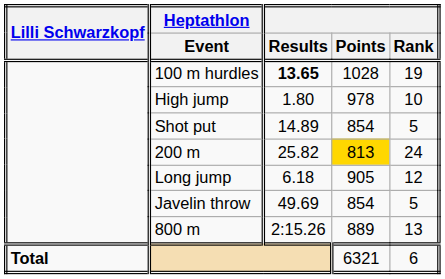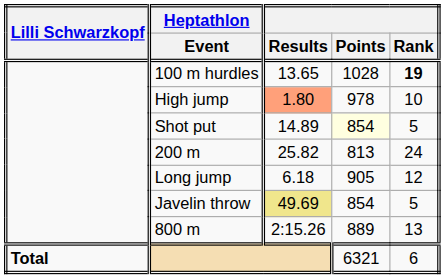 <table class=wikitable style="font-size:90%; border: double;">
 <tr>
 <th style="border-right:double" rowspan="2"><a href='#'>Lilli Schwarzkopf</a></th>
 <th style="border-right:double"><a href='#'>Heptathlon</a></th>
 <th colspan="3"></th>
 </tr>
 <tr>
 <th style="border-right:double">Event</th>
 <th>Results</th>
 <th>Points</th>
 <th>Rank</th>
 </tr>
 <tr style="border-top: double;">
 <td style="border-right:double" rowspan="7"></td>
 <td style="border-right:double">100 m hurdles</td>
-<td align=center><strong>13.65</strong></td>
+<td align=center>13.65</td>
 <td align=center>1028</td>
-<td align=center>19</td>
+<td align=center><strong>19</strong></td>
 </tr>
 <tr>
 <td style="border-right:double">High jump</td>
-<td align=center>1.80</td>
+<td align=center style="background: lightsalmon;">1.80</td>
 <td align=center>978</td>
 <td align=center>10</td>
 </tr>
 <tr>
 <td style="border-right:double">Shot put</td>
 <td align=center>14.89</td>
-<td align=center>854</td>
+<td align=center style="background: lightyellow;">854</td>
 <td align=center>5</td>
 </tr>
 <tr>
 <td style="border-right:double">200 m</td>
 <td align=center>25.82</td>
-<td align=center style="background: gold;">813</td>
+<td align=center>813</td>
 <td align=center>24</td>
 </tr>
 <tr>
 <td style="border-right:double">Long jump</td>
 <td align=center>6.18</td>
 <td align=center>905</td>
 <td align=center>12</td>
 </tr>
 <tr>
 <td style="border-right:double">Javelin throw</td>
-<td align=center>49.69</td>
+<td align=center style="background: khaki;">49.69</td>
 <td align=center>854</td>
 <td align=center>5</td>
 </tr>
 <tr>
 <td style="border-right:double">800 m</td>
 <td align=center>2:15.26</td>
 <td align=center>889</td>
 <td align=center>13</td>
 </tr>
 <tr style="border-top: double;">
 <td style="border-right:double"><strong>Total</strong></td>
 <td colspan="2" style="background:wheat; border-right:double;"></td>
 <td align=center>6321</td>
 <td align=center>6</td>
 </tr>
 </table>
